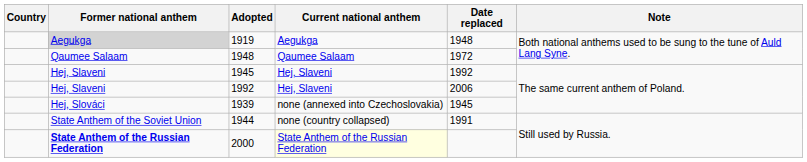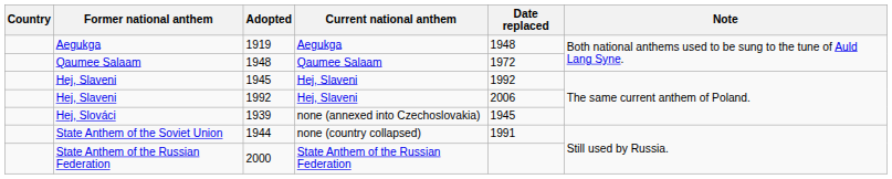 <table class="wikitable">
 <tr>
 <th>Country</th>
 <th>Former national anthem</th>
 <th>Adopted</th>
 <th>Current national anthem</th>
 <th>Date replaced</th>
 <th>Note</th>
 </tr>
 <tr>
 <td></td>
-<td style="background: lightgrey;"><a href='#'>Aegukga</a></td>
+<td><a href='#'>Aegukga</a></td>
 <td>1919</td>
 <td><a href='#'>Aegukga</a></td>
 <td>1948</td>
 <td rowspan="2">Both national anthems used to be sung to the tune of <a href='#'>Auld Lang Syne</a>.</td>
 </tr>
 <tr>
 <td></td>
 <td><a href='#'>Qaumee Salaam</a></td>
 <td>1948</td>
 <td><a href='#'>Qaumee Salaam</a></td>
 <td>1972</td>
 </tr>
 <tr>
 <td></td>
 <td><a href='#'>Hej, Slaveni</a></td>
 <td>1945</td>
 <td><a href='#'>Hej, Slaveni</a></td>
 <td>1992</td>
 <td rowspan="3">The same current anthem of Poland.</td>
 </tr>
 <tr>
 <td></td>
 <td><a href='#'>Hej, Slaveni</a></td>
 <td>1992</td>
 <td><a href='#'>Hej, Slaveni</a></td>
 <td>2006</td>
 </tr>
 <tr>
 <td></td>
 <td><a href='#'>Hej, Slováci</a></td>
 <td>1939</td>
 <td>none (annexed into Czechoslovakia)</td>
 <td>1945</td>
 </tr>
 <tr>
 <td></td>
 <td><a href='#'>State Anthem of the Soviet Union</a></td>
 <td>1944</td>
 <td>none (country collapsed)</td>
 <td>1991</td>
 <td rowspan="2">Still used by Russia.</td>
 </tr>
 <tr>
 <td></td>
-<td><strong><a href='#'>State Anthem of the Russian Federation</a></strong></td>
+<td><a href='#'>State Anthem of the Russian Federation</a></td>
 <td>2000</td>
-<td style="background: lightyellow;"><a href='#'>State Anthem of the Russian Federation</a></td>
+<td><a href='#'>State Anthem of the Russian Federation</a></td>
 <td></td>
 </tr>
 </table>
